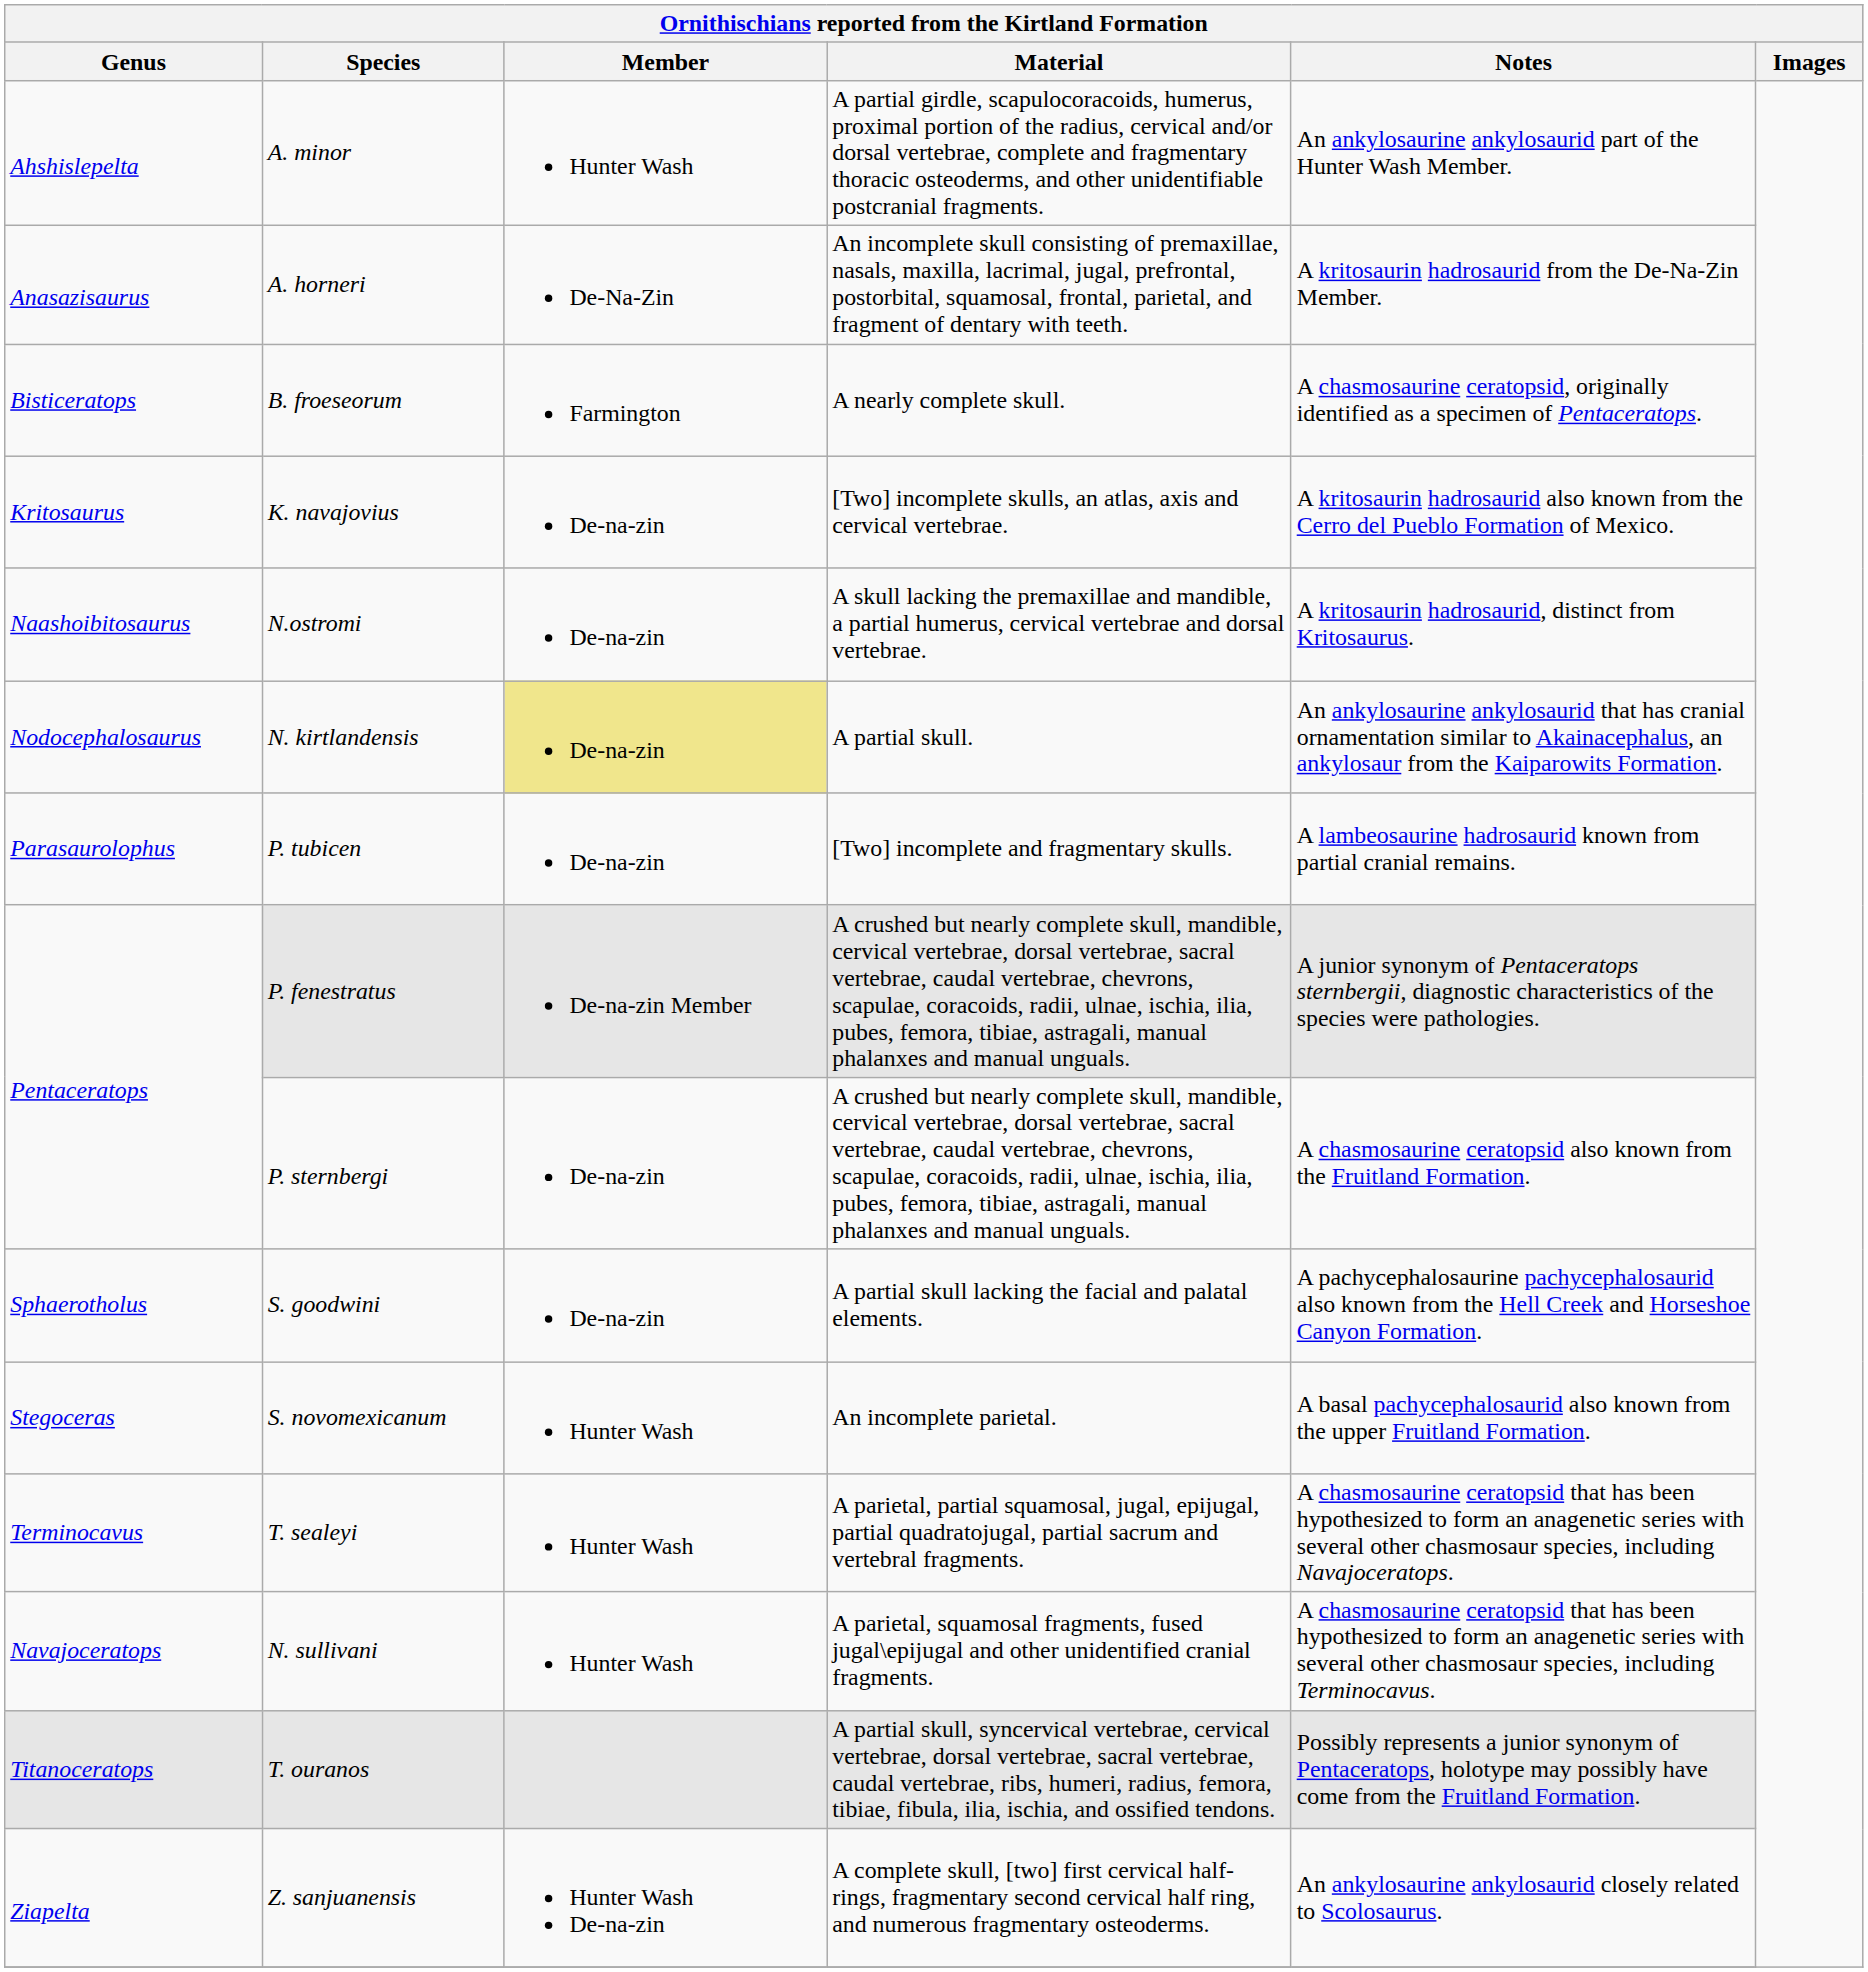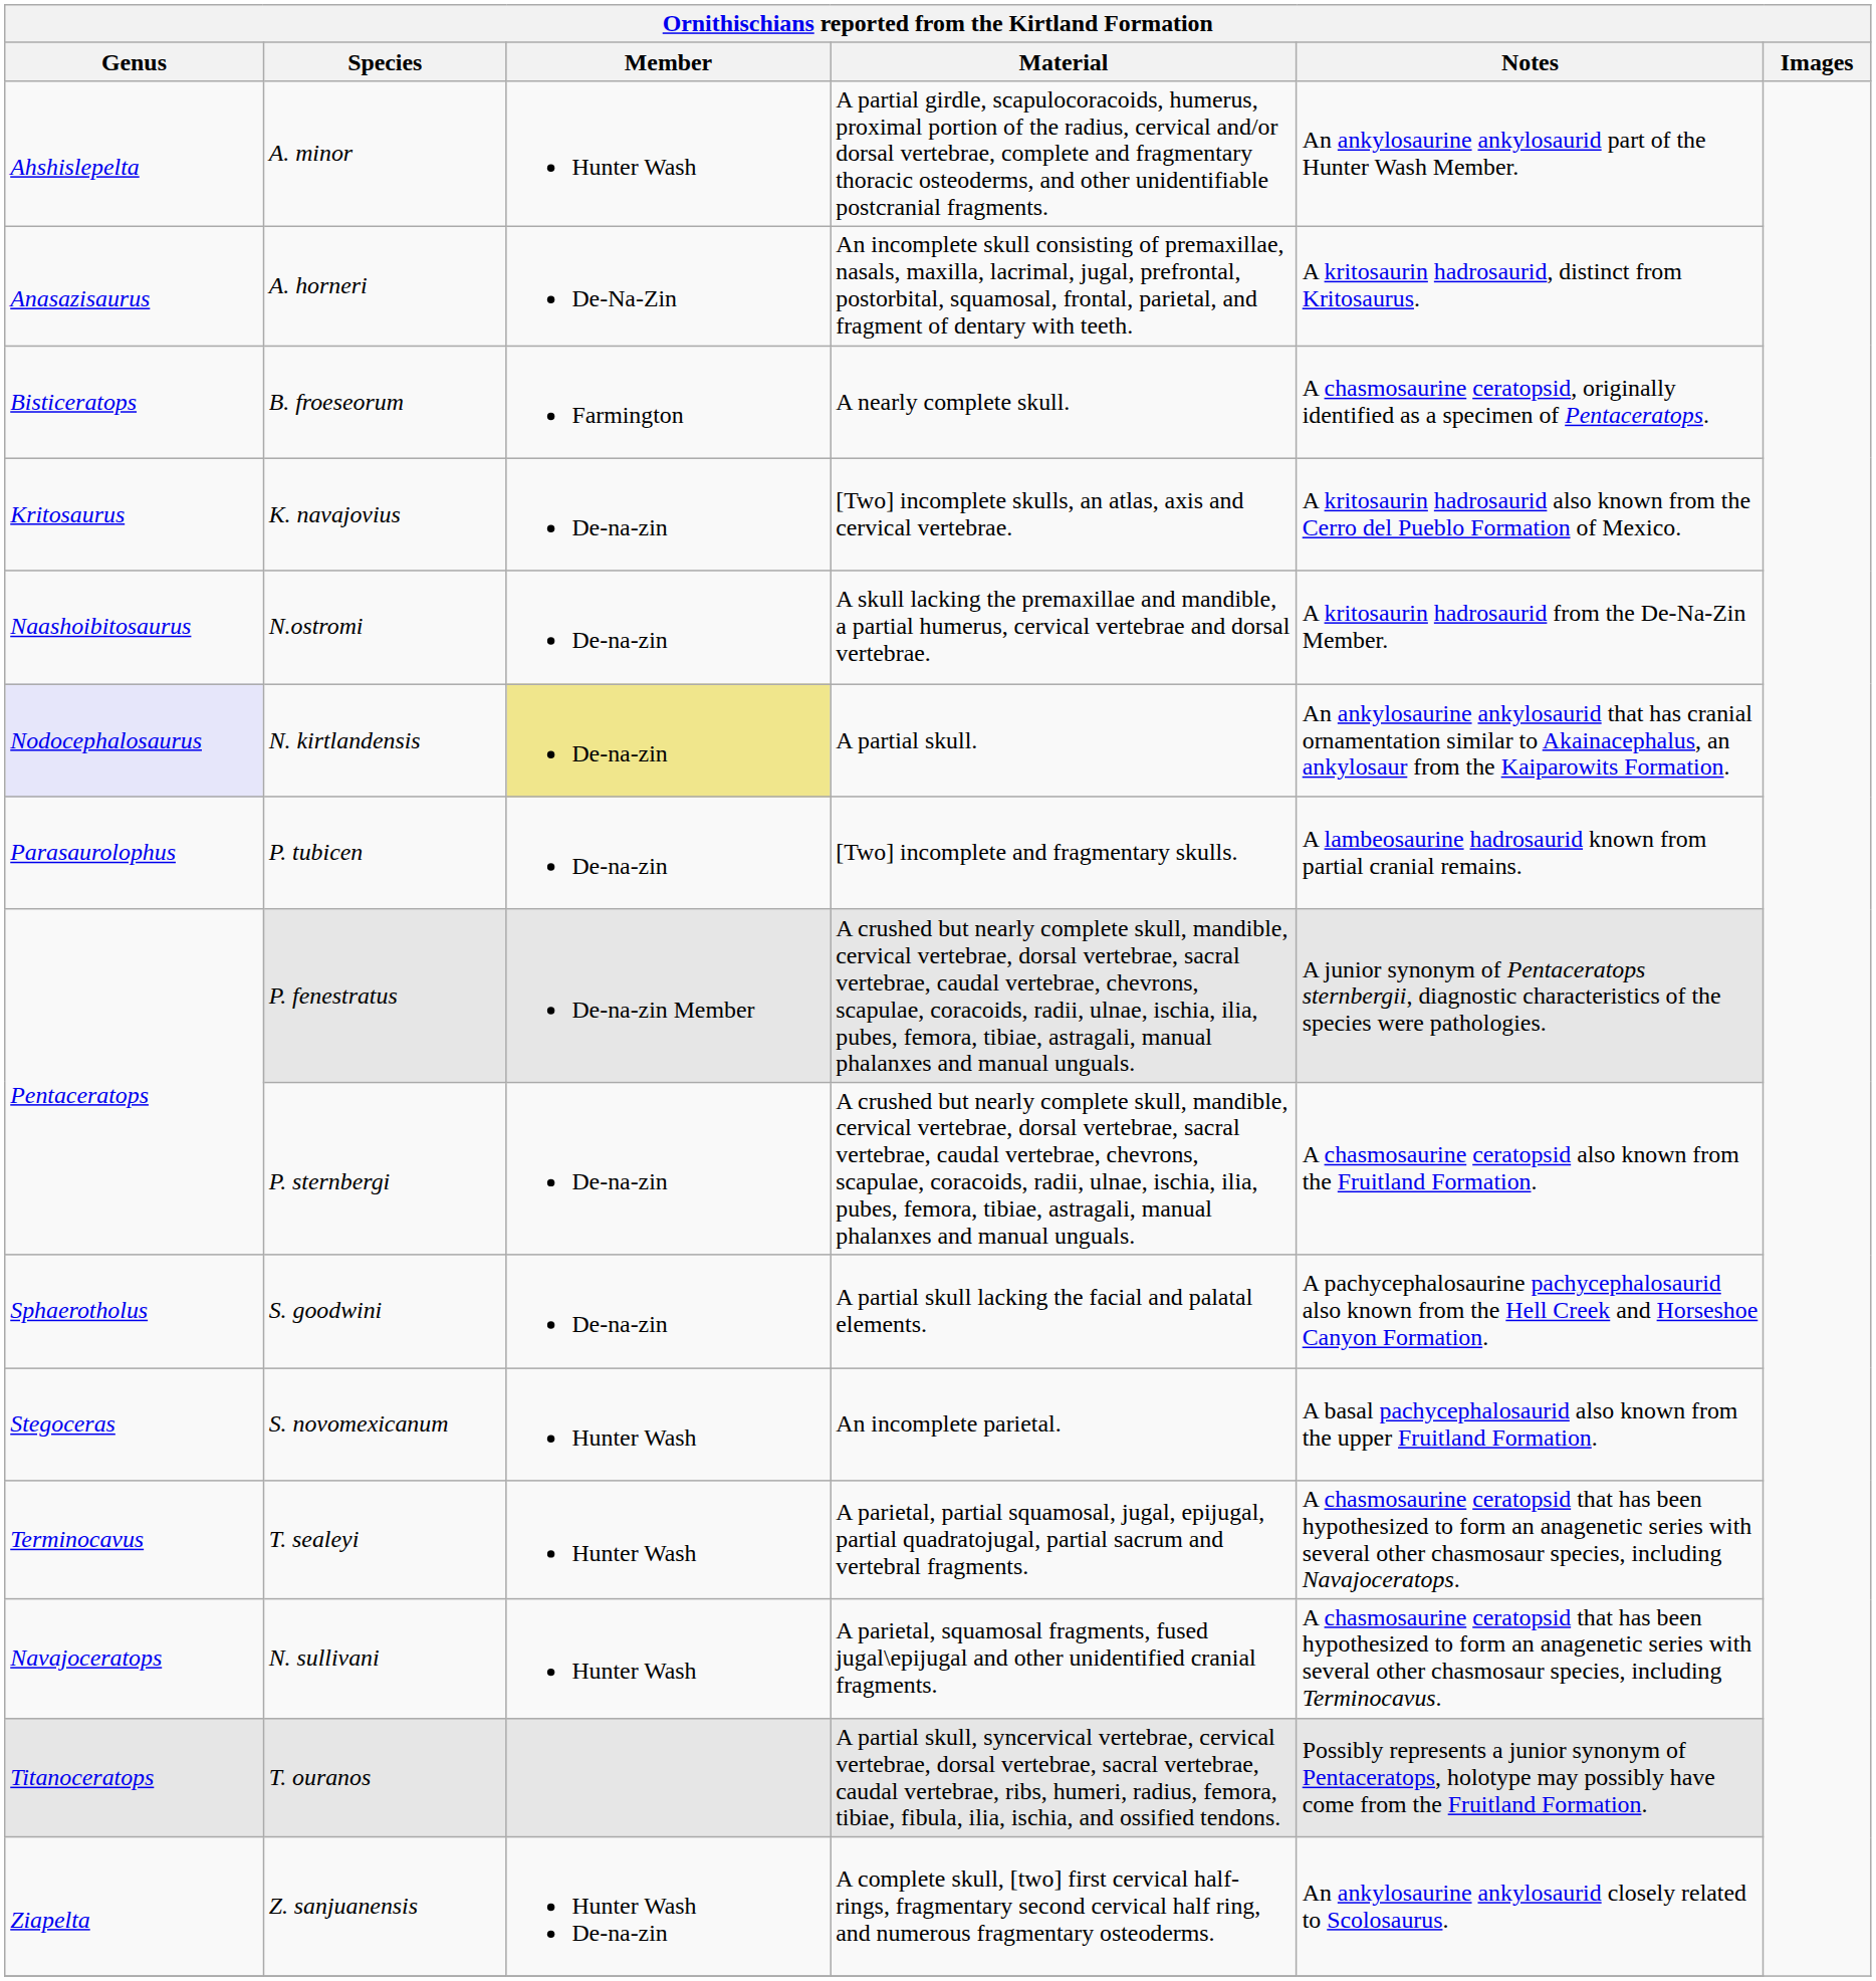 <table class="wikitable" align="center">
 <tr>
 <th colspan="7" align="center"><strong><a href='#'>Ornithischians</a> reported from the Kirtland Formation</strong></th>
 </tr>
 <tr>
 <th>Genus</th>
 <th>Species</th>
 <th>Member</th>
 <th width="25%">Material</th>
 <th width="25%">Notes</th>
 <th>Images</th>
 </tr>
 <tr>
 <td><br><em><a href='#'>Ahshislepelta</a></em></td>
 <td><em>A. minor</em></td>
 <td><br><ul><li>Hunter Wash</li></ul></td>
 <td>A partial girdle, scapulocoracoids, humerus, proximal portion of the radius, cervical and/or dorsal vertebrae, complete and fragmentary thoracic osteoderms, and other unidentifiable postcranial fragments.</td>
 <td>An <a href='#'>ankylosaurine</a> <a href='#'>ankylosaurid</a> part of the Hunter Wash Member.</td>
 <td rowspan="99"><br>          </td>
 </tr>
 <tr>
 <td><br><em><a href='#'>Anasazisaurus</a></em></td>
 <td><em>A. horneri</em></td>
 <td><br><ul><li>De-Na-Zin</li></ul></td>
 <td>An incomplete skull consisting of premaxillae, nasals, maxilla, lacrimal, jugal, prefrontal, postorbital, squamosal, frontal, parietal, and fragment of dentary with teeth.</td>
-<td>A <a href='#'>kritosaurin</a> <a href='#'>hadrosaurid</a> from the De-Na-Zin Member.</td>
+<td>A <a href='#'>kritosaurin</a> <a href='#'>hadrosaurid</a>, distinct from <a href='#'>Kritosaurus</a>.</td>
 </tr>
 <tr>
 <td><em><a href='#'>Bisticeratops</a></em></td>
 <td><em>B. froeseorum</em></td>
 <td><br><ul><li>Farmington</li></ul></td>
 <td>A nearly complete skull.</td>
 <td>A <a href='#'>chasmosaurine</a> <a href='#'>ceratopsid</a>, originally identified as a specimen of <em><a href='#'>Pentaceratops</a></em>.</td>
 </tr>
 <tr>
 <td><em><a href='#'>Kritosaurus</a></em></td>
 <td><em>K. navajovius</em></td>
 <td><br><ul><li>De-na-zin</li></ul></td>
 <td>[Two] incomplete skulls, an atlas, axis and cervical vertebrae.</td>
 <td>A <a href='#'>kritosaurin</a> <a href='#'>hadrosaurid</a> also known from the <a href='#'>Cerro del Pueblo Formation</a> of Mexico.</td>
 </tr>
 <tr>
 <td><em><a href='#'>Naashoibitosaurus</a></em></td>
 <td><em>N.ostromi</em></td>
 <td><br><ul><li>De-na-zin</li></ul></td>
 <td>A skull lacking the premaxillae and mandible, a partial humerus, cervical vertebrae and dorsal vertebrae.</td>
-<td>A <a href='#'>kritosaurin</a> <a href='#'>hadrosaurid</a>, distinct from <a href='#'>Kritosaurus</a>.</td>
+<td>A <a href='#'>kritosaurin</a> <a href='#'>hadrosaurid</a> from the De-Na-Zin Member.</td>
 </tr>
 <tr>
-<td><em><a href='#'>Nodocephalosaurus</a></em></td>
+<td style="background: lavender;"><em><a href='#'>Nodocephalosaurus</a></em></td>
 <td><em>N. kirtlandensis</em></td>
 <td style="background: khaki;"><br><ul><li>De-na-zin</li></ul></td>
 <td>A partial skull.</td>
 <td>An <a href='#'>ankylosaurine</a> <a href='#'>ankylosaurid</a> that has cranial ornamentation similar to <a href='#'>Akainacephalus</a>, an <a href='#'>ankylosaur</a> from the <a href='#'>Kaiparowits Formation</a>.</td>
 </tr>
 <tr>
 <td><em><a href='#'>Parasaurolophus</a></em></td>
 <td><em>P. tubicen</em></td>
 <td><br><ul><li>De-na-zin</li></ul></td>
 <td>[Two] incomplete and fragmentary skulls.</td>
 <td>A <a href='#'>lambeosaurine</a> <a href='#'>hadrosaurid</a> known from partial cranial remains.</td>
 </tr>
 <tr>
 <td rowspan="2"><br><em><a href='#'>Pentaceratops</a></em></td>
 <td style="background:#E6E6E6;"><em>P. fenestratus</em></td>
 <td style="background:#E6E6E6;"><br><ul><li>De-na-zin Member</li></ul></td>
 <td style="background:#E6E6E6;">A crushed but nearly complete skull, mandible, cervical vertebrae, dorsal vertebrae, sacral vertebrae, caudal vertebrae, chevrons, scapulae, coracoids, radii, ulnae, ischia, ilia, pubes, femora, tibiae, astragali, manual phalanxes and manual unguals.</td>
 <td style="background:#E6E6E6;">A junior synonym of <em>Pentaceratops sternbergii</em>, diagnostic characteristics of the species were pathologies.</td>
 </tr>
 <tr>
 <td><br><em>P. sternbergi</em></td>
 <td><br><ul><li>De-na-zin</li></ul></td>
 <td>A crushed but nearly complete skull, mandible, cervical vertebrae, dorsal vertebrae, sacral vertebrae, caudal vertebrae, chevrons, scapulae, coracoids, radii, ulnae, ischia, ilia, pubes, femora, tibiae, astragali, manual phalanxes and manual unguals.</td>
 <td>A <a href='#'>chasmosaurine</a> <a href='#'>ceratopsid</a> also known from the <a href='#'>Fruitland Formation</a>.</td>
 </tr>
 <tr>
 <td><em><a href='#'>Sphaerotholus</a></em></td>
 <td><em>S. goodwini</em></td>
 <td><br><ul><li>De-na-zin</li></ul></td>
 <td>A partial skull lacking the facial and palatal elements.</td>
 <td>A pachycephalosaurine <a href='#'>pachycephalosaurid</a> also known from the <a href='#'>Hell Creek</a> and <a href='#'>Horseshoe Canyon Formation</a>.</td>
 </tr>
 <tr>
 <td><em><a href='#'>Stegoceras</a></em></td>
 <td><em>S. novomexicanum</em></td>
 <td><br><ul><li>Hunter Wash</li></ul></td>
 <td>An incomplete parietal.</td>
 <td>A basal <a href='#'>pachycephalosaurid</a> also known from the upper <a href='#'>Fruitland Formation</a>.</td>
 </tr>
 <tr>
 <td><em><a href='#'>Terminocavus</a></em></td>
 <td><em>T. sealeyi</em></td>
 <td><br><ul><li>Hunter Wash</li></ul></td>
 <td>A parietal, partial squamosal, jugal, epijugal, partial quadratojugal, partial sacrum and vertebral fragments.</td>
 <td>A <a href='#'>chasmosaurine</a> <a href='#'>ceratopsid</a> that has been hypothesized to form an anagenetic series with several other chasmosaur species, including <em>Navajoceratops</em>.</td>
 </tr>
 <tr>
 <td><em><a href='#'>Navajoceratops</a></em></td>
 <td><em>N. sullivani</em></td>
 <td><br><ul><li>Hunter Wash</li></ul></td>
 <td>A parietal, squamosal fragments, fused jugal\epijugal and other unidentified cranial fragments.</td>
 <td>A <a href='#'>chasmosaurine</a> <a href='#'>ceratopsid</a> that has been hypothesized to form an anagenetic series with several other chasmosaur species, including <em>Terminocavus</em>.</td>
 </tr>
 <tr>
 <td style="background:#E6E6E6;"><em><a href='#'>Titanoceratops</a></em></td>
 <td style="background:#E6E6E6;"><em>T. ouranos</em></td>
 <td style="background:#E6E6E6;"></td>
 <td style="background:#E6E6E6;">A partial skull, syncervical vertebrae, cervical vertebrae, dorsal vertebrae, sacral vertebrae, caudal vertebrae, ribs, humeri, radius, femora, tibiae, fibula, ilia, ischia, and ossified tendons.</td>
 <td style="background:#E6E6E6;">Possibly represents a junior synonym of <a href='#'>Pentaceratops</a>, holotype may possibly have come from the <a href='#'>Fruitland Formation</a>.</td>
 </tr>
 <tr>
 <td><br><em><a href='#'>Ziapelta</a></em></td>
 <td><em>Z. sanjuanensis</em></td>
 <td><br><ul><li>Hunter Wash </li><li>De-na-zin </li></ul></td>
 <td>A complete skull, [two] first cervical half-rings, fragmentary second cervical half ring, and numerous fragmentary osteoderms.</td>
 <td>An <a href='#'>ankylosaurine</a> <a href='#'>ankylosaurid</a> closely related to <a href='#'>Scolosaurus</a>.</td>
 </tr>
 <tr>
 </tr>
 </table>
